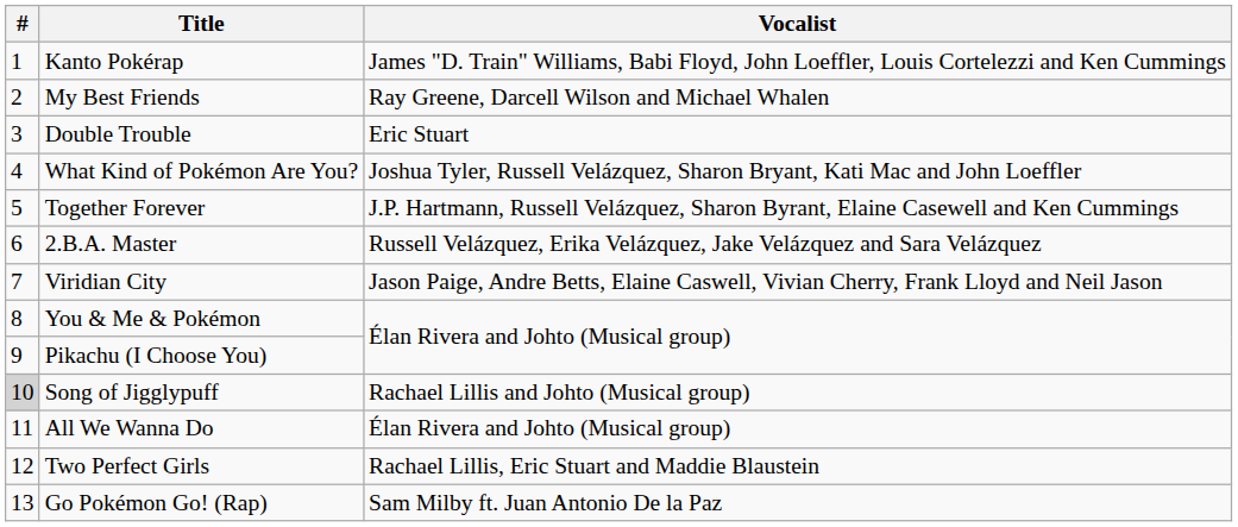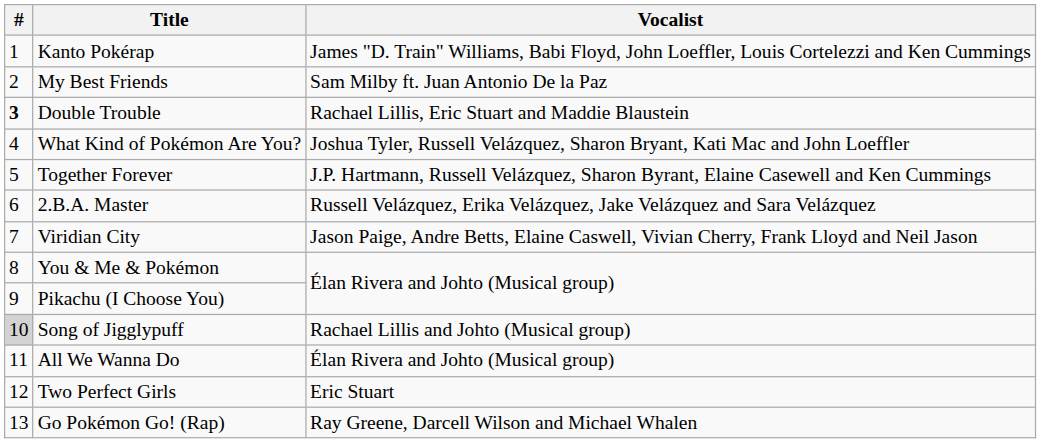 <table class="wikitable">
 <tr>
 <th>#</th>
 <th>Title</th>
 <th>Vocalist</th>
 </tr>
 <tr>
 <td>1</td>
 <td>Kanto Pokérap</td>
 <td>James "D. Train" Williams, Babi Floyd, John Loeffler, Louis Cortelezzi and Ken Cummings</td>
 </tr>
 <tr>
 <td>2</td>
 <td>My Best Friends</td>
-<td>Ray Greene, Darcell Wilson and Michael Whalen</td>
+<td>Sam Milby ft. Juan Antonio De la Paz</td>
 </tr>
 <tr>
-<td>3</td>
+<td><strong>3</strong></td>
 <td>Double Trouble</td>
-<td>Eric Stuart</td>
+<td>Rachael Lillis, Eric Stuart and Maddie Blaustein</td>
 </tr>
 <tr>
 <td>4</td>
 <td>What Kind of Pokémon Are You?</td>
 <td>Joshua Tyler, Russell Velázquez, Sharon Bryant, Kati Mac and John Loeffler</td>
 </tr>
 <tr>
 <td>5</td>
 <td>Together Forever</td>
 <td>J.P. Hartmann, Russell Velázquez, Sharon Byrant, Elaine Casewell and Ken Cummings</td>
 </tr>
 <tr>
 <td>6</td>
 <td>2.B.A. Master</td>
 <td>Russell Velázquez, Erika Velázquez, Jake Velázquez and Sara Velázquez</td>
 </tr>
 <tr>
 <td>7</td>
 <td>Viridian City</td>
 <td>Jason Paige, Andre Betts, Elaine Caswell, Vivian Cherry, Frank Lloyd and Neil Jason</td>
 </tr>
 <tr>
 <td>8</td>
 <td>You & Me & Pokémon</td>
 <td rowspan="2">Élan Rivera and Johto (Musical group)</td>
 </tr>
 <tr>
 <td>9</td>
 <td>Pikachu (I Choose You)</td>
 </tr>
 <tr>
 <td style="background: lightgrey;">10</td>
 <td>Song of Jigglypuff</td>
 <td>Rachael Lillis and Johto (Musical group)</td>
 </tr>
 <tr>
 <td>11</td>
 <td>All We Wanna Do</td>
 <td>Élan Rivera and Johto (Musical group)</td>
 </tr>
 <tr>
 <td>12</td>
 <td>Two Perfect Girls</td>
-<td>Rachael Lillis, Eric Stuart and Maddie Blaustein</td>
+<td>Eric Stuart</td>
 </tr>
 <tr>
 <td>13</td>
 <td>Go Pokémon Go! (Rap)</td>
-<td>Sam Milby ft. Juan Antonio De la Paz</td>
+<td>Ray Greene, Darcell Wilson and Michael Whalen</td>
 </tr>
 </table>
